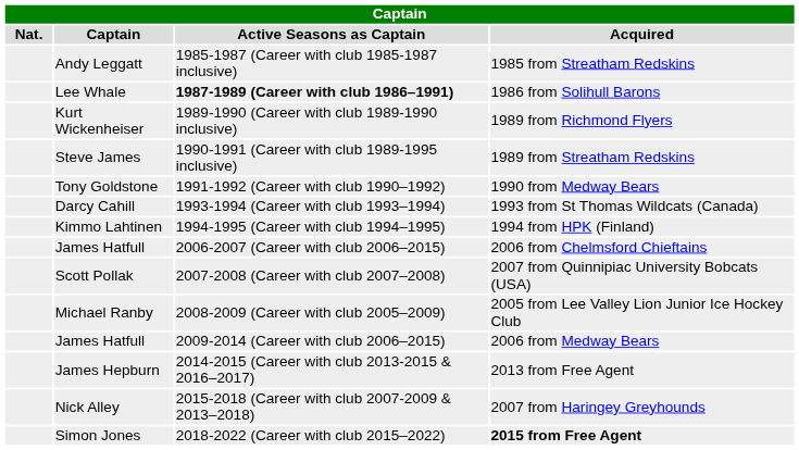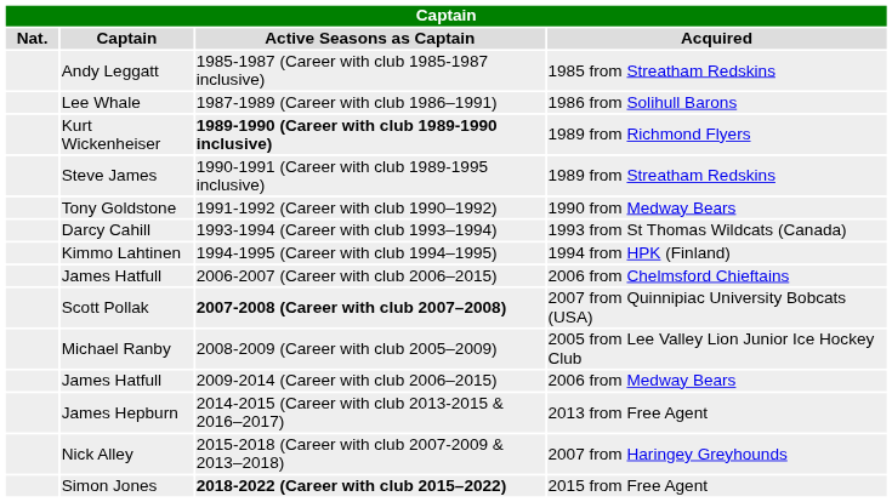 <table class="toccolours"  style="width:97%; clear:both; margin:1.5em auto; text-align:center;">
 <tr>
 <th colspan="11" style="background:green; color:white;">Captain</th>
 </tr>
 <tr style="background:#ddd;">
 <th width=6%>Nat.</th>
 <th !width=19%>Captain</th>
 <th width=40%>Active Seasons as Captain</th>
 <th widith=12%>Acquired</th>
 </tr>
 <tr style="background:#eee;">
 <td></td>
 <td align="left">Andy Leggatt</td>
 <td align=left>1985-1987 (Career with club 1985-1987 inclusive)</td>
 <td align=left>1985 from <a href='#'>Streatham Redskins</a></td>
 </tr>
 <tr style="background:#eee;">
 <td></td>
 <td align="left">Lee Whale</td>
-<td align=left><strong>1987-1989 (Career with club 1986–1991)</strong></td>
+<td align=left>1987-1989 (Career with club 1986–1991)</td>
 <td align=left>1986 from <a href='#'>Solihull Barons</a></td>
 </tr>
 <tr style="background:#eee;">
 <td></td>
 <td align="left">Kurt Wickenheiser</td>
-<td align=left>1989-1990 (Career with club 1989-1990 inclusive)</td>
+<td align=left><strong>1989-1990 (Career with club 1989-1990 inclusive)</strong></td>
 <td align=left>1989 from <a href='#'>Richmond Flyers</a></td>
 </tr>
 <tr style="background:#eee;">
 <td></td>
 <td align="left">Steve James</td>
 <td align=left>1990-1991 (Career with club 1989-1995 inclusive)</td>
 <td align=left>1989 from <a href='#'>Streatham Redskins</a></td>
 </tr>
 <tr style="background:#eee;">
 <td></td>
 <td align="left">Tony Goldstone</td>
 <td align=left>1991-1992 (Career with club 1990–1992)</td>
 <td align=left>1990 from <a href='#'>Medway Bears</a></td>
 </tr>
 <tr style="background:#eee;">
 <td></td>
 <td align="left">Darcy Cahill</td>
 <td align=left>1993-1994 (Career with club 1993–1994)</td>
 <td align=left>1993 from St Thomas Wildcats (Canada)</td>
 </tr>
 <tr style="background:#eee;">
 <td></td>
 <td align="left">Kimmo Lahtinen</td>
 <td align=left>1994-1995 (Career with club 1994–1995)</td>
 <td align=left>1994 from <a href='#'>HPK</a> (Finland)</td>
 </tr>
 <tr style="background:#eee;">
 <td></td>
 <td align="left">James Hatfull</td>
 <td align=left>2006-2007 (Career with club 2006–2015)</td>
 <td align=left>2006 from <a href='#'>Chelmsford Chieftains</a></td>
 </tr>
 <tr style="background:#eee;">
 <td> </td>
 <td align="left">Scott Pollak</td>
-<td align=left>2007-2008 (Career with club 2007–2008)</td>
+<td align=left><strong>2007-2008 (Career with club 2007–2008)</strong></td>
 <td align=left>2007 from Quinnipiac University Bobcats (USA)</td>
 </tr>
 <tr style="background:#eee;">
 <td></td>
 <td align="left">Michael Ranby</td>
 <td align=left>2008-2009 (Career with club 2005–2009)</td>
 <td align=left>2005 from Lee Valley Lion Junior Ice Hockey Club</td>
 </tr>
 <tr style="background:#eee;">
 <td></td>
 <td align="left">James Hatfull</td>
 <td align=left>2009-2014 (Career with club 2006–2015)</td>
 <td align=left>2006 from <a href='#'>Medway Bears</a></td>
 </tr>
 <tr style="background:#eee;">
 <td></td>
 <td align="left">James Hepburn</td>
 <td align=left>2014-2015 (Career with club 2013-2015 & 2016–2017)</td>
 <td align=left>2013 from Free Agent</td>
 </tr>
 <tr style="background:#eee;">
 <td></td>
 <td align="left">Nick Alley</td>
 <td align=left>2015-2018 (Career with club 2007-2009 & 2013–2018)</td>
 <td align=left>2007 from <a href='#'>Haringey Greyhounds</a></td>
 </tr>
 <tr style="background:#eee;">
 <td></td>
 <td align="left">Simon Jones</td>
-<td align=left>2018-2022 (Career with club 2015–2022)</td>
-<td align=left><strong>2015 from Free Agent</strong></td>
+<td align=left><strong>2018-2022 (Career with club 2015–2022)</strong></td>
+<td align=left>2015 from Free Agent</td>
 </tr>
 <tr style="background:#eee;">
 </tr>
 </table>
